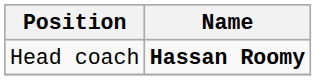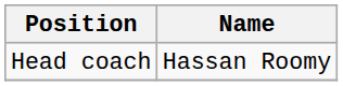 <table class="wikitable">
 <tr>
 <th>Position</th>
 <th>Name</th>
 </tr>
 <tr>
 <td>Head coach</td>
-<td><strong>Hassan Roomy</strong></td>
+<td>Hassan Roomy</td>
 </tr>
 <tr>
 </tr>
 </table>
